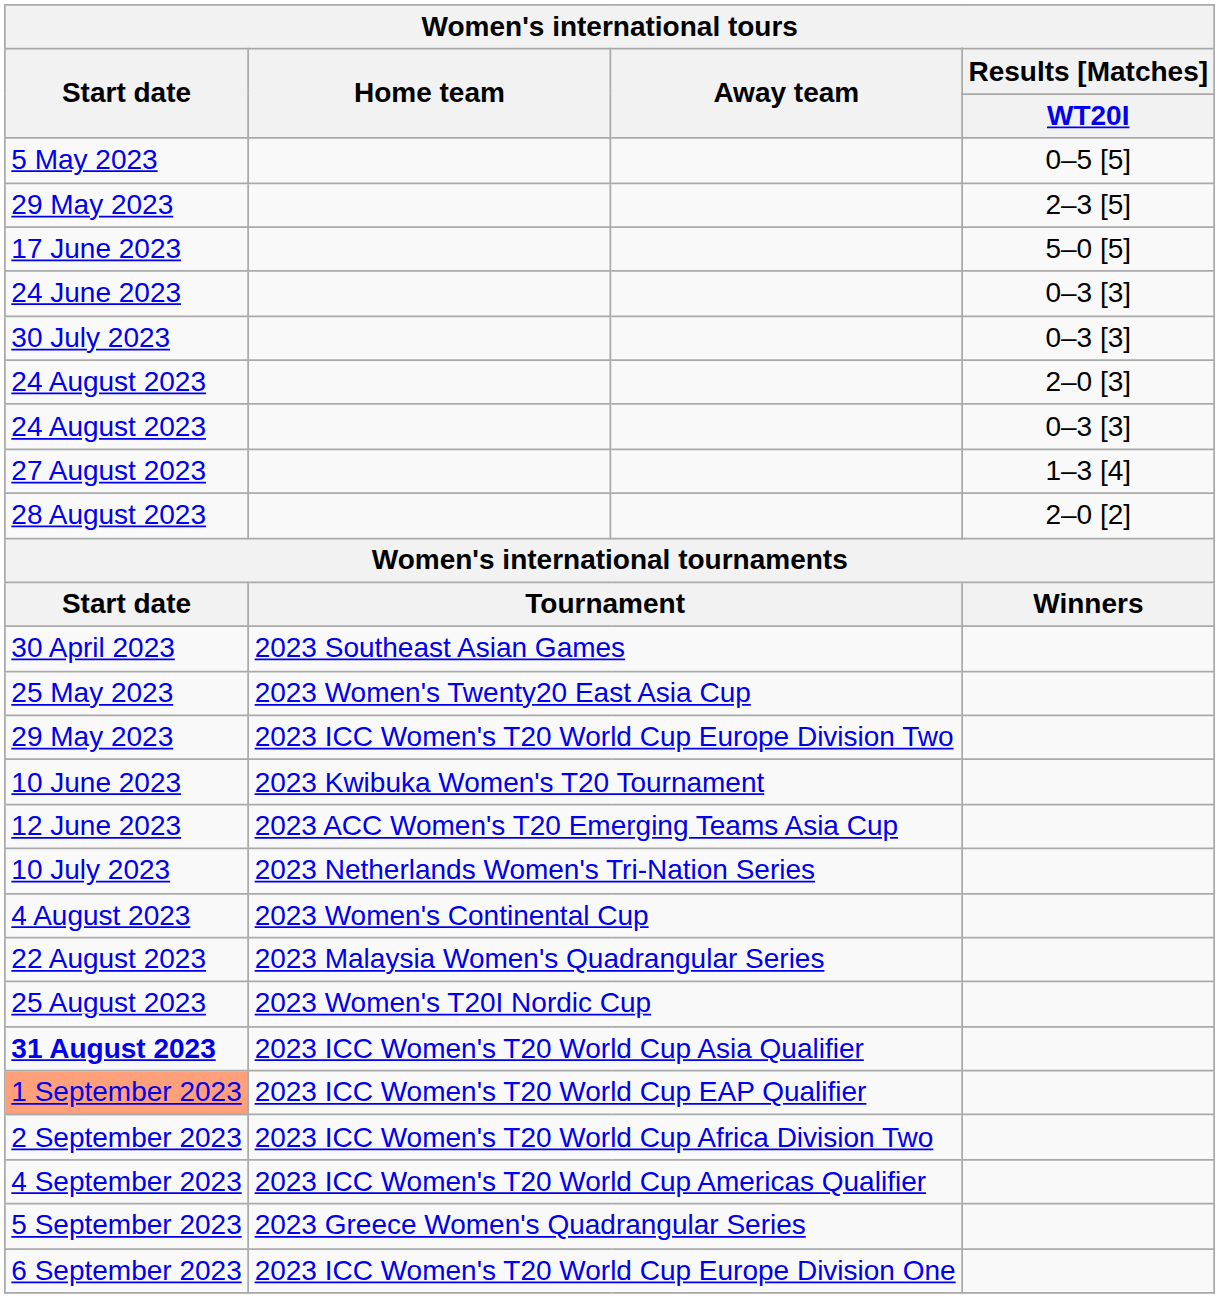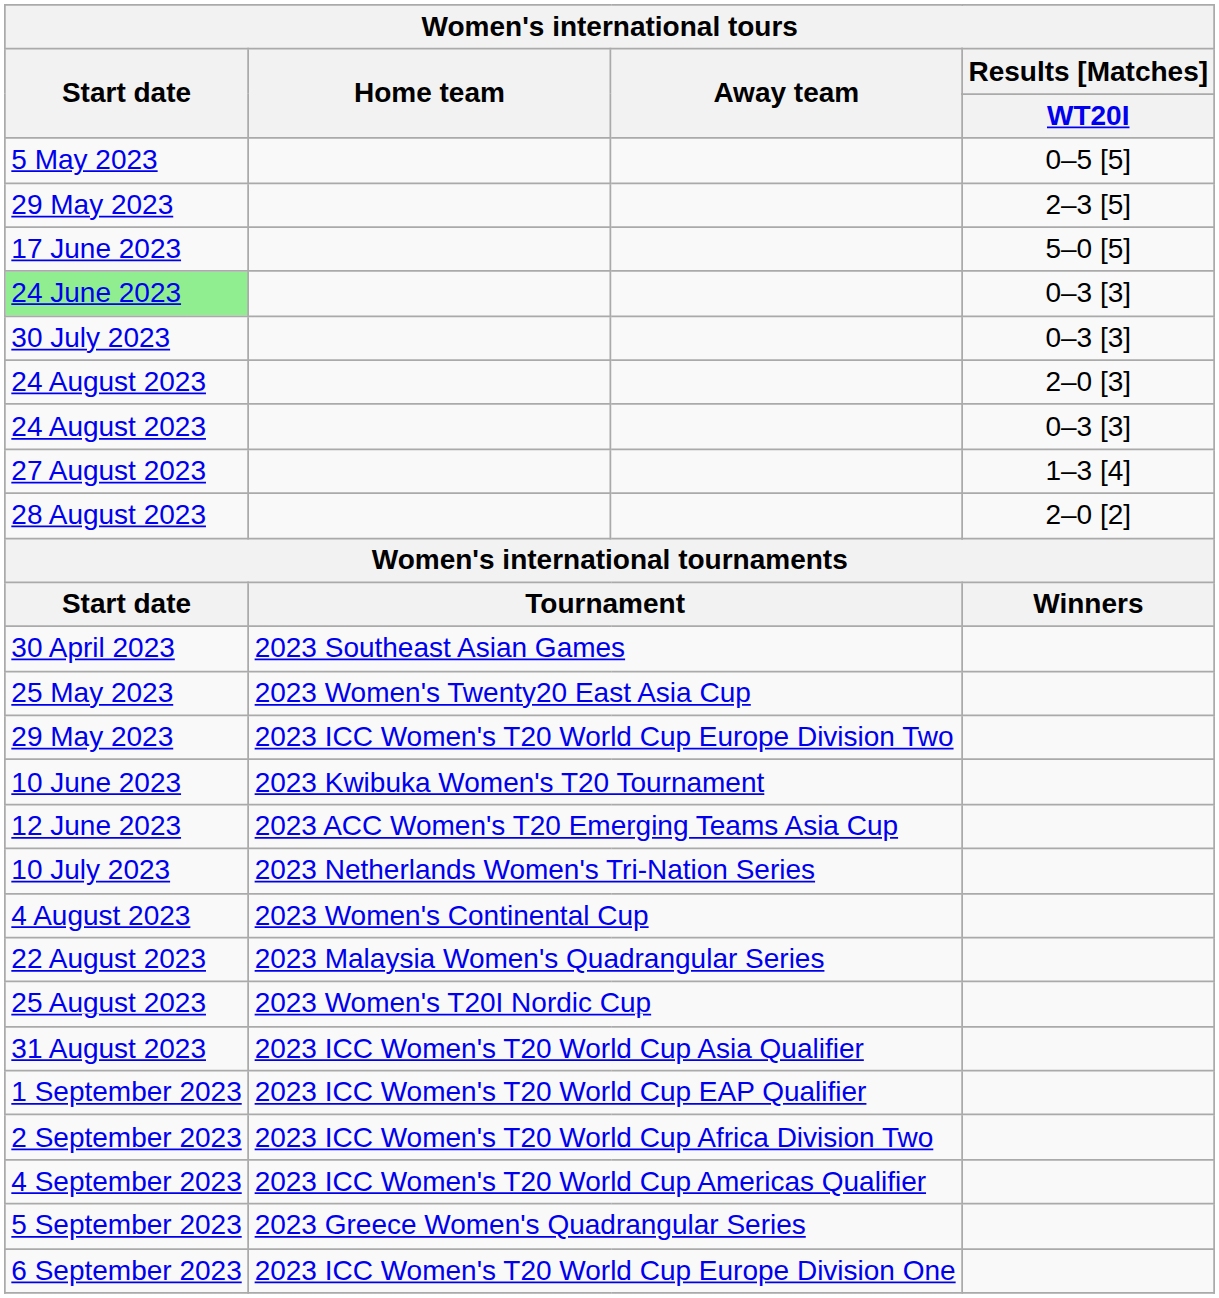 <table class="wikitable" style="text-align:center;">
 <tr>
 <th colspan="5">Women's international tours</th>
 </tr>
 <tr>
 <th rowspan=2>Start date</th>
 <th rowspan=2>Home team</th>
 <th rowspan=2>Away team</th>
 <th colspan="2">Results [Matches]</th>
 </tr>
 <tr>
 <th colspan="2"><a href='#'>WT20I</a></th>
 </tr>
 <tr>
 <td style="text-align:left"><a href='#'>5 May 2023</a></td>
 <td style="text-align:left"></td>
 <td style="text-align:left"></td>
 <td colspan="2">0–5 [5]</td>
 </tr>
 <tr>
 <td style="text-align:left"><a href='#'>29 May 2023</a></td>
 <td style="text-align:left"></td>
 <td style="text-align:left"></td>
 <td colspan="2">2–3 [5]</td>
 </tr>
 <tr>
 <td style="text-align:left"><a href='#'>17 June 2023</a></td>
 <td style="text-align:left"></td>
 <td style="text-align:left"></td>
 <td colspan="2">5–0 [5]</td>
 </tr>
 <tr>
-<td style="text-align:left"><a href='#'>24 June 2023</a></td>
+<td style="background: lightgreen; text-align:left"><a href='#'>24 June 2023</a></td>
 <td style="text-align:left"></td>
 <td style="text-align:left"></td>
 <td colspan=3>0–3 [3]</td>
 </tr>
 <tr>
 <td style="text-align:left"><a href='#'>30 July 2023</a></td>
 <td style="text-align:left"></td>
 <td style="text-align:left"></td>
 <td colspan="2">0–3 [3]</td>
 </tr>
 <tr>
 <td style="text-align:left"><a href='#'>24 August 2023</a></td>
 <td style="text-align:left"></td>
 <td style="text-align:left"></td>
 <td colspan=3>2–0 [3]</td>
 </tr>
 <tr>
 <td style="text-align:left"><a href='#'>24 August 2023</a></td>
 <td style="text-align:left"></td>
 <td style="text-align:left"></td>
 <td colspan=3>0–3 [3]</td>
 </tr>
 <tr>
 <td style="text-align:left"><a href='#'>27 August 2023</a></td>
 <td style="text-align:left"></td>
 <td style="text-align:left"></td>
 <td colspan="2">1–3 [4]</td>
 </tr>
 <tr>
 <td style="text-align:left"><a href='#'>28 August 2023</a></td>
 <td style="text-align:left"></td>
 <td style="text-align:left"></td>
 <td colspan=3>2–0 [2]</td>
 </tr>
 <tr>
 <th colspan="5">Women's international tournaments</th>
 </tr>
 <tr>
 <th>Start date</th>
 <th colspan=3>Tournament</th>
 <th>Winners</th>
 </tr>
 <tr>
 <td style="text-align:left"><a href='#'>30 April 2023</a></td>
 <td style="text-align:left" colspan=3> <a href='#'>2023 Southeast Asian Games</a></td>
 <td style="text-align:left"></td>
 </tr>
 <tr>
 <td style="text-align:left"><a href='#'>25 May 2023</a></td>
 <td style="text-align:left" colspan=3> <a href='#'>2023 Women's Twenty20 East Asia Cup</a></td>
 <td style="text-align:left"></td>
 </tr>
 <tr>
 <td style="text-align:left"><a href='#'>29 May 2023</a></td>
 <td style="text-align:left" colspan=3> <a href='#'>2023 ICC Women's T20 World Cup Europe Division Two</a></td>
 <td style="text-align:left"></td>
 </tr>
 <tr>
 <td style="text-align:left"><a href='#'>10 June 2023</a></td>
 <td style="text-align:left" colspan=3> <a href='#'>2023 Kwibuka Women's T20 Tournament</a></td>
 <td style="text-align:left"></td>
 </tr>
 <tr>
 <td style="text-align:left"><a href='#'>12 June 2023</a></td>
 <td style="text-align:left" colspan=3> <a href='#'>2023 ACC Women's T20 Emerging Teams Asia Cup</a></td>
 <td style="text-align:left"></td>
 </tr>
 <tr>
 <td style="text-align:left"><a href='#'>10 July 2023</a></td>
 <td style="text-align:left" colspan=3> <a href='#'>2023 Netherlands Women's Tri-Nation Series</a></td>
 <td style="text-align:left"></td>
 </tr>
 <tr>
 <td style="text-align:left"><a href='#'>4 August 2023</a></td>
 <td colspan="3" style="text-align:left"> <a href='#'>2023 Women's Continental Cup</a></td>
 <td style="text-align:left"></td>
 </tr>
 <tr>
 <td style="text-align:left"><a href='#'>22 August 2023</a></td>
 <td colspan="3" style="text-align:left"> <a href='#'>2023 Malaysia Women's Quadrangular Series</a></td>
 <td style="text-align:left"></td>
 </tr>
 <tr>
 <td style="text-align:left"><a href='#'>25 August 2023</a></td>
 <td colspan="3" style="text-align:left"> <a href='#'>2023 Women's T20I Nordic Cup</a></td>
 <td style="text-align:left"></td>
 </tr>
 <tr>
-<td style="text-align:left"><strong><a href='#'>31 August 2023</a></strong></td>
+<td style="text-align:left"><a href='#'>31 August 2023</a></td>
 <td colspan="3" style="text-align:left"> <a href='#'>2023 ICC Women's T20 World Cup Asia Qualifier</a></td>
 <td style="text-align:left"></td>
 </tr>
 <tr>
-<td style="background: lightsalmon; text-align:left"><a href='#'>1 September 2023</a></td>
+<td style="text-align:left"><a href='#'>1 September 2023</a></td>
 <td colspan="3" style="text-align:left"> <a href='#'>2023 ICC Women's T20 World Cup EAP Qualifier</a></td>
 <td style="text-align:left"></td>
 </tr>
 <tr>
 <td style="text-align:left"><a href='#'>2 September 2023</a></td>
 <td style="text-align:left" colspan=3> <a href='#'>2023 ICC Women's T20 World Cup Africa Division Two</a></td>
 <td style="text-align:left"></td>
 </tr>
 <tr>
 <td style="text-align:left"><a href='#'>4 September 2023</a></td>
 <td colspan="3" style="text-align:left"> <a href='#'>2023 ICC Women's T20 World Cup Americas Qualifier</a></td>
 <td style="text-align:left"></td>
 </tr>
 <tr>
 <td style="text-align:left"><a href='#'>5 September 2023</a></td>
 <td colspan="3" style="text-align:left"> <a href='#'>2023 Greece Women's Quadrangular Series</a></td>
 <td style="text-align:left"></td>
 </tr>
 <tr>
 <td style="text-align:left"><a href='#'>6 September 2023</a></td>
 <td colspan="3" style="text-align:left"> <a href='#'>2023 ICC Women's T20 World Cup Europe Division One</a></td>
 <td style="text-align:left"></td>
 </tr>
 </table>
